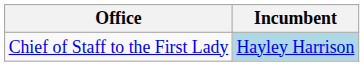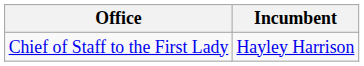 <table class="wikitable">
 <tr>
 <th>Office</th>
 <th>Incumbent</th>
 </tr>
 <tr>
 <td><a href='#'>Chief of Staff to the First Lady</a></td>
-<td style="background: lightblue;"><a href='#'>Hayley Harrison</a></td>
+<td><a href='#'>Hayley Harrison</a></td>
 </tr>
 </table>
